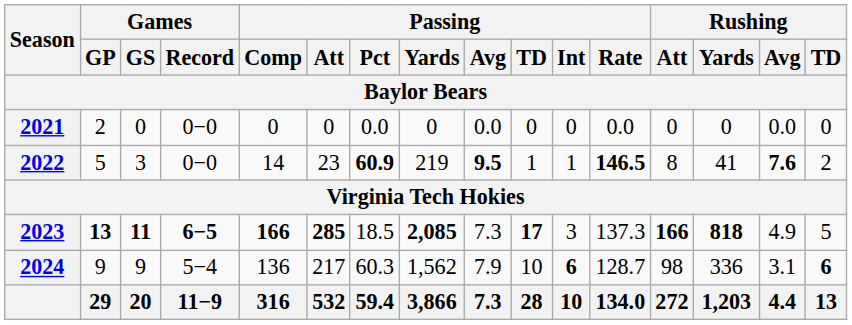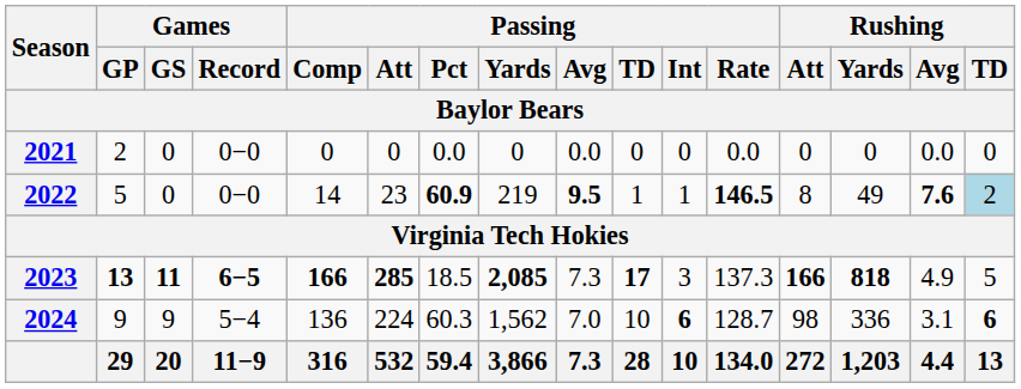 <table class="wikitable" style="text-align:center;">
 <tr>
 <th rowspan="2">Season</th>
 <th colspan="3">Games</th>
 <th colspan="8">Passing</th>
 <th colspan="5">Rushing</th>
 </tr>
 <tr>
 <th>GP</th>
 <th>GS</th>
 <th>Record</th>
 <th>Comp</th>
 <th>Att</th>
 <th>Pct</th>
 <th>Yards</th>
 <th>Avg</th>
 <th>TD</th>
 <th>Int</th>
 <th>Rate</th>
 <th>Att</th>
 <th>Yards</th>
 <th>Avg</th>
 <th>TD</th>
 </tr>
 <tr>
 <th colspan="16">Baylor Bears</th>
 </tr>
 <tr>
 <th><a href='#'>2021</a></th>
 <td>2</td>
 <td>0</td>
 <td>0−0</td>
 <td>0</td>
 <td>0</td>
 <td>0.0</td>
 <td>0</td>
 <td>0.0</td>
 <td>0</td>
 <td>0</td>
 <td>0.0</td>
 <td>0</td>
 <td>0</td>
 <td>0.0</td>
 <td>0</td>
 </tr>
 <tr>
 <th><a href='#'>2022</a></th>
 <td>5</td>
-<td>3</td>
+<td>0</td>
 <td>0−0</td>
 <td>14</td>
 <td>23</td>
 <td><strong>60.9</strong></td>
 <td>219</td>
 <td><strong>9.5</strong></td>
 <td>1</td>
 <td>1</td>
 <td><strong>146.5</strong></td>
 <td>8</td>
-<td>41</td>
+<td>49</td>
 <td><strong>7.6</strong></td>
-<td>2</td>
+<td style="background: lightblue;">2</td>
 </tr>
 <tr>
 <th colspan="16">Virginia Tech Hokies</th>
 </tr>
 <tr>
 <th><a href='#'>2023</a></th>
 <td><strong>13</strong></td>
 <td><strong>11</strong></td>
 <td><strong>6−5</strong></td>
 <td><strong>166</strong></td>
 <td><strong>285</strong></td>
 <td>18.5</td>
 <td><strong>2,085</strong></td>
 <td>7.3</td>
 <td><strong>17</strong></td>
 <td>3</td>
 <td>137.3</td>
 <td><strong>166</strong></td>
 <td><strong>818</strong></td>
 <td>4.9</td>
 <td>5</td>
 </tr>
 <tr>
 <th><a href='#'>2024</a></th>
 <td>9</td>
 <td>9</td>
 <td>5−4</td>
 <td>136</td>
-<td>217</td>
+<td>224</td>
 <td>60.3</td>
 <td>1,562</td>
-<td>7.9</td>
+<td>7.0</td>
 <td>10</td>
 <td><strong>6</strong></td>
 <td>128.7</td>
 <td>98</td>
 <td>336</td>
 <td>3.1</td>
 <td><strong>6</strong></td>
 </tr>
 <tr>
 <th colspan="1"></th>
 <th>29</th>
 <th>20</th>
 <th>11−9</th>
 <th>316</th>
 <th>532</th>
 <th>59.4</th>
 <th>3,866</th>
 <th>7.3</th>
 <th>28</th>
 <th>10</th>
 <th>134.0</th>
 <th>272</th>
 <th>1,203</th>
 <th>4.4</th>
 <th>13</th>
 </tr>
 </table>
